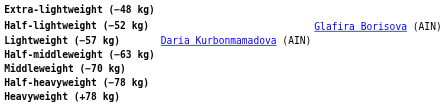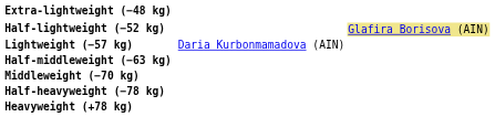 <table>
 <tr>
 <th rowspan=2 style="text-align:left;">Extra-lightweight (−48 kg)</th>
 <td rowspan=2></td>
 <td rowspan=2></td>
 <td></td>
 </tr>
 <tr>
 <td></td>
 </tr>
 <tr>
 <th rowspan=2 style="text-align:left;">Half-lightweight (−52 kg)</th>
 <td rowspan=2></td>
 <td rowspan=2></td>
 <td></td>
 </tr>
 <tr>
-<td> <a href='#'>Glafira Borisova</a> <span>(<abbr>AIN</abbr>)</span></td>
+<td style="background: khaki;"> <a href='#'>Glafira Borisova</a> <span>(<abbr>AIN</abbr>)</span></td>
 </tr>
 <tr>
 <th rowspan=2 style="text-align:left;">Lightweight (−57 kg)</th>
 <td rowspan=2></td>
 <td rowspan=2> <a href='#'>Daria Kurbonmamadova</a> <span>(<abbr>AIN</abbr>)</span></td>
 <td></td>
 </tr>
 <tr>
 <td></td>
 </tr>
 <tr>
 <th rowspan=2 style="text-align:left;">Half-middleweight (−63 kg)</th>
 <td rowspan=2></td>
 <td rowspan=2></td>
 <td></td>
 </tr>
 <tr>
 <td></td>
 </tr>
 <tr>
 <th rowspan=2 style="text-align:left;">Middleweight (−70 kg)</th>
 <td rowspan=2></td>
 <td rowspan=2></td>
 <td></td>
 </tr>
 <tr>
 <td></td>
 </tr>
 <tr>
 <th rowspan=2 style="text-align:left;">Half-heavyweight (−78 kg)</th>
 <td rowspan=2></td>
 <td rowspan=2></td>
 <td></td>
 </tr>
 <tr>
 <td></td>
 </tr>
 <tr>
 <th rowspan=2 style="text-align:left;">Heavyweight (+78 kg)</th>
 <td rowspan=2></td>
 <td rowspan=2></td>
 <td></td>
 </tr>
 <tr>
 <td></td>
 </tr>
 </table>
